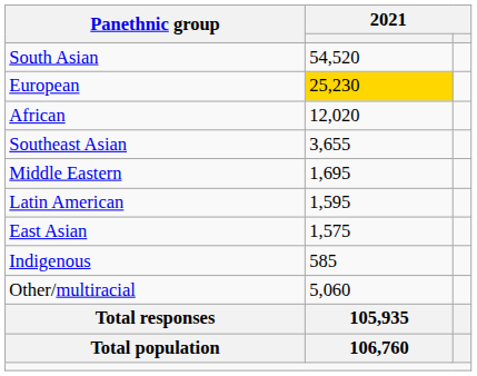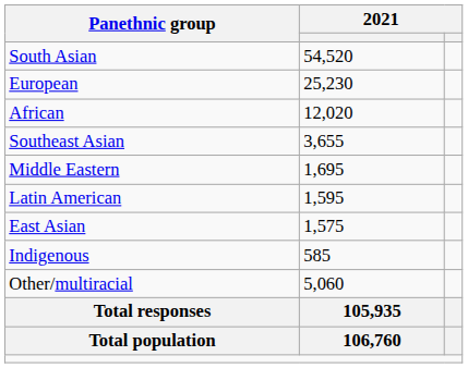 <table class="wikitable collapsible sortable">
 <tr>
 <th rowspan="2"><a href='#'>Panethnic</a> group</th>
 <th colspan="2">2021</th>
 </tr>
 <tr>
 <th><a href='#'></a></th>
 <th></th>
 </tr>
 <tr>
 <td><a href='#'>South Asian</a></td>
 <td>54,520</td>
 <td></td>
 </tr>
 <tr>
 <td><a href='#'>European</a></td>
-<td style="background: gold;">25,230</td>
+<td>25,230</td>
 <td></td>
 </tr>
 <tr>
 <td><a href='#'>African</a></td>
 <td>12,020</td>
 <td></td>
 </tr>
 <tr>
 <td><a href='#'>Southeast Asian</a></td>
 <td>3,655</td>
 <td></td>
 </tr>
 <tr>
 <td><a href='#'>Middle Eastern</a></td>
 <td>1,695</td>
 <td></td>
 </tr>
 <tr>
 <td><a href='#'>Latin American</a></td>
 <td>1,595</td>
 <td></td>
 </tr>
 <tr>
 <td><a href='#'>East Asian</a></td>
 <td>1,575</td>
 <td></td>
 </tr>
 <tr>
 <td><a href='#'>Indigenous</a></td>
 <td>585</td>
 <td></td>
 </tr>
 <tr>
 <td>Other/<a href='#'>multiracial</a></td>
 <td>5,060</td>
 <td></td>
 </tr>
 <tr>
 <th>Total responses</th>
 <th>105,935</th>
 <th></th>
 </tr>
 <tr class="sortbottom">
 <th>Total population</th>
 <th>106,760</th>
 <th></th>
 </tr>
 <tr class="sortbottom">
 <td colspan="15" style="width: 25em;"></td>
 </tr>
 </table>
